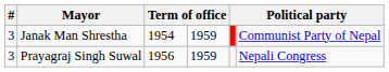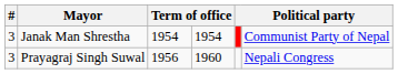 <table class="wikitable">
 <tr>
 <th>#</th>
 <th>Mayor</th>
 <th colspan="2">Term of office</th>
 <th colspan="2">Political party</th>
 </tr>
 <tr>
 <td>3</td>
 <td>Janak Man Shrestha</td>
 <td>1954</td>
-<td>1959</td>
+<td>1954</td>
 <td bgcolor="red"></td>
 <td><a href='#'>Communist Party of Nepal</a></td>
 </tr>
 <tr>
 <td>3</td>
 <td>Prayagraj Singh Suwal</td>
 <td>1956</td>
-<td>1959</td>
+<td>1960</td>
 <td></td>
 <td><a href='#'>Nepali Congress</a></td>
 </tr>
 </table>
